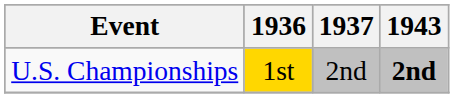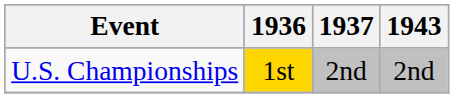 <table class="wikitable">
 <tr>
 <th>Event</th>
 <th>1936</th>
 <th>1937</th>
 <th>1943</th>
 </tr>
 <tr>
 <td><a href='#'>U.S. Championships</a></td>
 <td align="center" bgcolor="gold">1st</td>
 <td align="center" bgcolor="silver">2nd</td>
-<td align="center" bgcolor="silver"><strong>2nd</strong></td>
+<td align="center" bgcolor="silver">2nd</td>
 </tr>
 <tr>
 </tr>
 </table>
